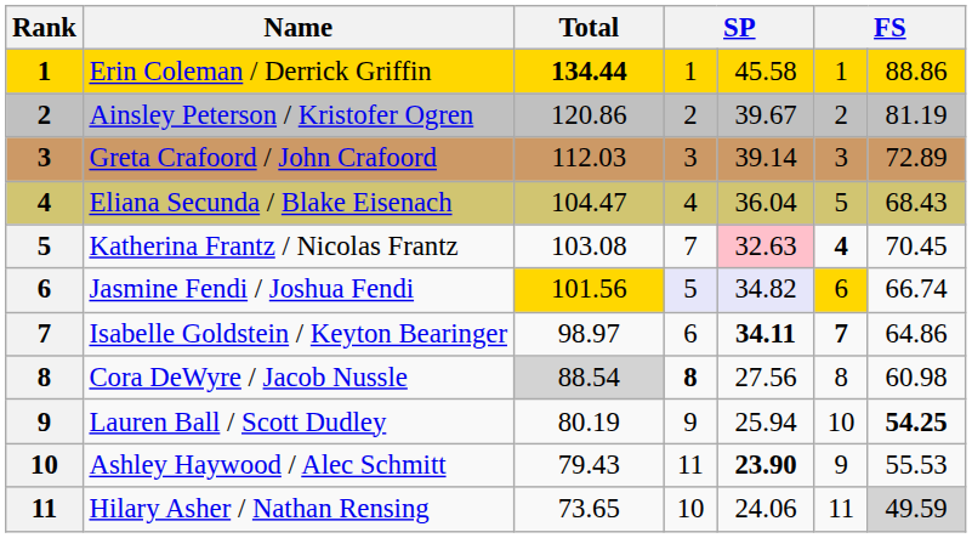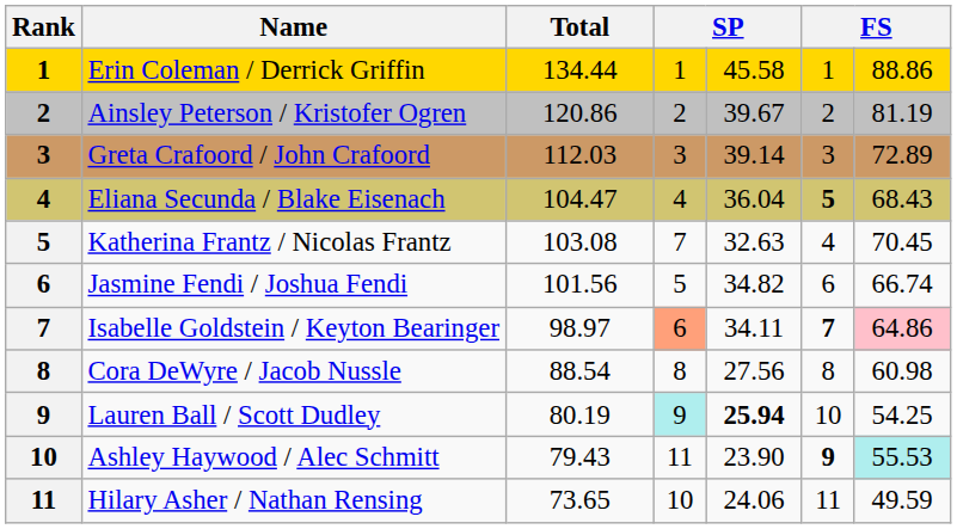 <table class="wikitable sortable">
 <tr>
 <th>Rank</th>
 <th>Name</th>
 <th width="80px">Total</th>
 <th colspan="2" width="80px"><a href='#'>SP</a></th>
 <th colspan="2" width="80px"><a href='#'>FS</a></th>
 </tr>
 <tr bgcolor="gold">
 <td align="center"><strong>1</strong></td>
 <td><a href='#'>Erin Coleman</a> / Derrick Griffin</td>
-<td align="center"><strong>134.44</strong></td>
+<td align="center">134.44</td>
 <td align="center">1</td>
 <td align="center">45.58</td>
 <td align="center">1</td>
 <td align="center">88.86</td>
 </tr>
 <tr bgcolor="silver">
 <td align="center"><strong>2</strong></td>
 <td><a href='#'>Ainsley Peterson</a> / <a href='#'>Kristofer Ogren</a></td>
 <td align="center">120.86</td>
 <td align="center">2</td>
 <td align="center">39.67</td>
 <td align="center">2</td>
 <td align="center">81.19</td>
 </tr>
 <tr bgcolor="cc9966">
 <td align="center"><strong>3</strong></td>
 <td><a href='#'>Greta Crafoord</a> / <a href='#'>John Crafoord</a></td>
 <td align="center">112.03</td>
 <td align="center">3</td>
 <td align="center">39.14</td>
 <td align="center">3</td>
 <td align="center">72.89</td>
 </tr>
 <tr bgcolor="#d1c571">
 <td align="center"><strong>4</strong></td>
 <td><a href='#'>Eliana Secunda</a> / <a href='#'>Blake Eisenach</a></td>
 <td align="center">104.47</td>
 <td align="center">4</td>
 <td align="center">36.04</td>
-<td align="center">5</td>
+<td align="center"><strong>5</strong></td>
 <td align="center">68.43</td>
 </tr>
 <tr>
 <th>5</th>
 <td><a href='#'>Katherina Frantz</a> / Nicolas Frantz</td>
 <td align="center">103.08</td>
 <td align="center">7</td>
-<td align="center" style="background: pink;">32.63</td>
-<td align="center"><strong>4</strong></td>
+<td align="center">32.63</td>
+<td align="center">4</td>
 <td align="center">70.45</td>
 </tr>
 <tr>
 <th>6</th>
 <td><a href='#'>Jasmine Fendi</a> / <a href='#'>Joshua Fendi</a></td>
-<td align="center" style="background: gold;">101.56</td>
-<td align="center" style="background: lavender;">5</td>
-<td align="center" style="background: lavender;">34.82</td>
-<td align="center" style="background: gold;">6</td>
+<td align="center">101.56</td>
+<td align="center">5</td>
+<td align="center">34.82</td>
+<td align="center">6</td>
 <td align="center">66.74</td>
 </tr>
 <tr>
 <th>7</th>
 <td><a href='#'>Isabelle Goldstein</a> / <a href='#'>Keyton Bearinger</a></td>
 <td align="center">98.97</td>
-<td align="center">6</td>
-<td align="center"><strong>34.11</strong></td>
+<td align="center" style="background: lightsalmon;">6</td>
+<td align="center">34.11</td>
 <td align="center"><strong>7</strong></td>
-<td align="center">64.86</td>
+<td align="center" style="background: pink;">64.86</td>
 </tr>
 <tr>
 <th>8</th>
 <td><a href='#'>Cora DeWyre</a> / <a href='#'>Jacob Nussle</a></td>
-<td align="center" style="background: lightgrey;">88.54</td>
-<td align="center"><strong>8</strong></td>
+<td align="center">88.54</td>
+<td align="center">8</td>
 <td align="center">27.56</td>
 <td align="center">8</td>
 <td align="center">60.98</td>
 </tr>
 <tr>
 <th>9</th>
 <td><a href='#'>Lauren Ball</a> / <a href='#'>Scott Dudley</a></td>
 <td align="center">80.19</td>
-<td align="center">9</td>
-<td align="center">25.94</td>
+<td align="center" style="background: paleturquoise;">9</td>
+<td align="center"><strong>25.94</strong></td>
 <td align="center">10</td>
-<td align="center"><strong>54.25</strong></td>
+<td align="center">54.25</td>
 </tr>
 <tr>
 <th>10</th>
 <td><a href='#'>Ashley Haywood</a> / <a href='#'>Alec Schmitt</a></td>
 <td align="center">79.43</td>
 <td align="center">11</td>
-<td align="center"><strong>23.90</strong></td>
-<td align="center">9</td>
-<td align="center">55.53</td>
+<td align="center">23.90</td>
+<td align="center"><strong>9</strong></td>
+<td align="center" style="background: paleturquoise;">55.53</td>
 </tr>
 <tr>
 <th>11</th>
 <td><a href='#'>Hilary Asher</a> / <a href='#'>Nathan Rensing</a></td>
 <td align="center">73.65</td>
 <td align="center">10</td>
 <td align="center">24.06</td>
 <td align="center">11</td>
-<td align="center" style="background: lightgrey;">49.59</td>
+<td align="center">49.59</td>
 </tr>
 </table>
